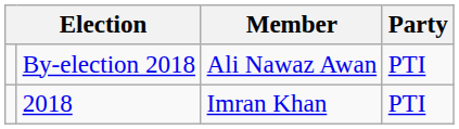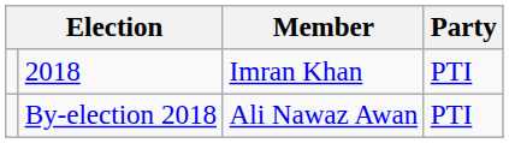 <table class="wikitable">
 <tr>
 <th colspan="2">Election</th>
 <th>Member</th>
 <th>Party</th>
 </tr>
 <tr>
 <td style="background-color: "></td>
+<td><a href='#'>2018</a></td>
+<td><a href='#'>Imran Khan</a></td>
+<td><a href='#'>PTI</a></td>
+</tr>
+<tr>
+<td style="background-color: "></td>
 <td><a href='#'>By-election 2018</a></td>
 <td><a href='#'>Ali Nawaz Awan</a></td>
 <td><a href='#'>PTI</a></td>
 </tr>
-<tr>
-<td style="background-color: "></td>
-<td><a href='#'>2018</a></td>
-<td><a href='#'>Imran Khan</a></td>
-<td><a href='#'>PTI</a></td>
-</tr>
 </table>
